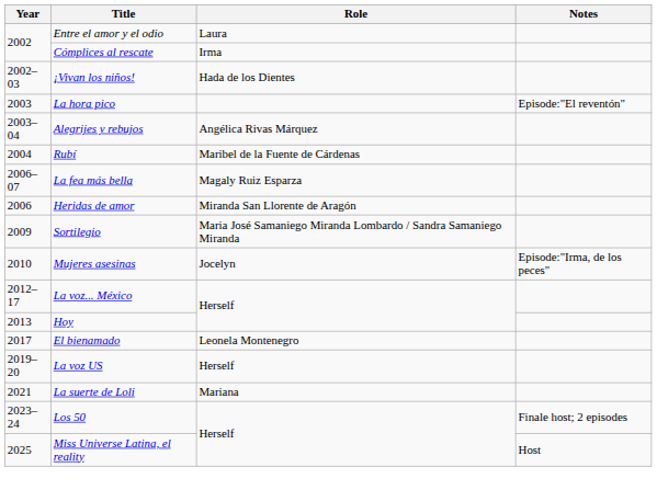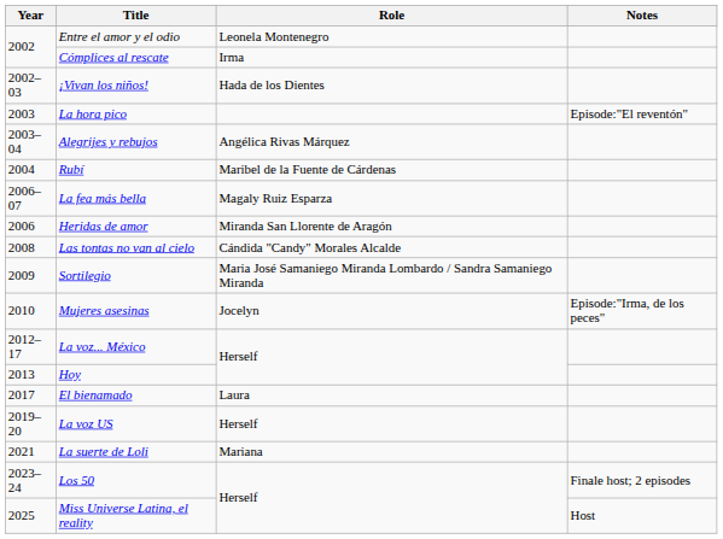 <table class="wikitable">
 <tr style="background:#b0c4de;">
 <th>Year</th>
 <th>Title</th>
 <th>Role</th>
 <th>Notes</th>
 </tr>
 <tr>
 <td rowspan=2>2002</td>
 <td><em>Entre el amor y el odio</em></td>
-<td>Laura</td>
+<td>Leonela Montenegro</td>
 <td></td>
 </tr>
 <tr>
 <td><em><a href='#'>Cómplices al rescate</a></em></td>
 <td>Irma</td>
 <td></td>
 </tr>
 <tr>
 <td>2002–03</td>
 <td><em> <a href='#'>¡Vivan los niños!</a></em></td>
 <td>Hada de los Dientes</td>
 <td></td>
 </tr>
 <tr>
 <td>2003</td>
 <td><em><a href='#'>La hora pico</a></em></td>
 <td></td>
 <td>Episode:"El reventón"</td>
 </tr>
 <tr>
 <td>2003–04</td>
 <td><em><a href='#'>Alegrijes y rebujos</a></em></td>
 <td>Angélica Rivas Márquez</td>
 <td></td>
 </tr>
 <tr>
 <td>2004</td>
 <td><em><a href='#'>Rubí</a></em></td>
 <td>Maribel de la Fuente de Cárdenas</td>
 <td></td>
 </tr>
 <tr>
 <td>2006–07</td>
 <td><em><a href='#'>La fea más bella</a> </em></td>
 <td>Magaly Ruiz Esparza</td>
 <td></td>
 </tr>
 <tr>
 <td>2006</td>
 <td><em><a href='#'>Heridas de amor</a> </em></td>
 <td>Miranda San Llorente de Aragón</td>
 <td></td>
 </tr>
 <tr>
+<td>2008</td>
+<td><em><a href='#'>Las tontas no van al cielo</a></em></td>
+<td>Cándida "Candy" Morales Alcalde</td>
+<td></td>
+</tr>
+<tr>
 <td>2009</td>
 <td><em><a href='#'>Sortilegio</a></em></td>
 <td>Maria José Samaniego Miranda Lombardo / Sandra Samaniego Miranda</td>
 <td></td>
 </tr>
 <tr>
 <td>2010</td>
 <td><em><a href='#'>Mujeres asesinas</a></em></td>
 <td>Jocelyn</td>
 <td>Episode:"Irma, de los peces"</td>
 </tr>
 <tr>
 <td>2012–17</td>
 <td><a href='#'><em>La voz... México</em></a></td>
 <td rowspan="2">Herself</td>
 <td></td>
 </tr>
 <tr>
 <td>2013</td>
 <td><em><a href='#'>Hoy</a></em></td>
 <td></td>
 </tr>
 <tr>
 <td>2017</td>
 <td><em><a href='#'>El bienamado</a></em></td>
-<td>Leonela Montenegro</td>
+<td>Laura</td>
 <td></td>
 </tr>
 <tr>
 <td>2019–20</td>
 <td><em><a href='#'>La voz US</a></em></td>
 <td>Herself</td>
 <td></td>
 </tr>
 <tr>
 <td>2021</td>
 <td><em><a href='#'>La suerte de Loli</a></em></td>
 <td>Mariana</td>
 <td></td>
 </tr>
 <tr>
 <td>2023–24</td>
 <td><em><a href='#'>Los 50</a></em></td>
 <td rowspan=2>Herself</td>
 <td>Finale host; 2 episodes</td>
 </tr>
 <tr>
 <td>2025</td>
 <td><em><a href='#'>Miss Universe Latina, el reality</a></em></td>
 <td>Host</td>
 </tr>
 </table>
